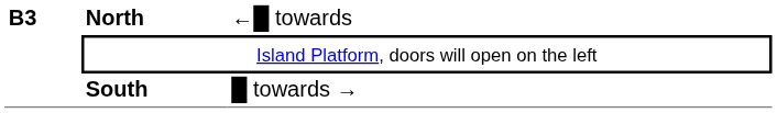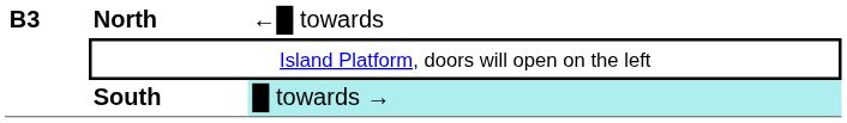 <table table border=0 cellspacing=0 cellpadding=3>
 <tr>
 <td style="border-top:solid 0px gray;border-bottom:solid 1px gray;" width=50 rowspan=3 valign=top><strong>B3</strong></td>
 <td style="border-top:solid 0px gray;" width=100><strong>North</strong></td>
 <td style="border-top:solid 0px gray;" width=390>←<span>█</span> towards </td>
 </tr>
 <tr>
 <td style="border-top:solid 2px black;border-right:solid 2px black;border-left:solid 2px black;border-bottom:solid 2px black;text-align:center;" colspan=2><small><a href='#'>Island Platform</a>, doors will open on the left</small></td>
 </tr>
 <tr>
 <td style="border-bottom:solid 1px gray;"><strong>South</strong></td>
-<td style="border-bottom:solid 1px gray;"><span>█</span> towards →</td>
+<td style="background: paleturquoise; border-bottom:solid 1px gray;"><span>█</span> towards →</td>
 </tr>
 </table>
